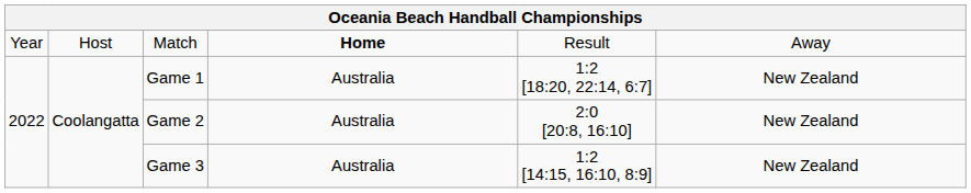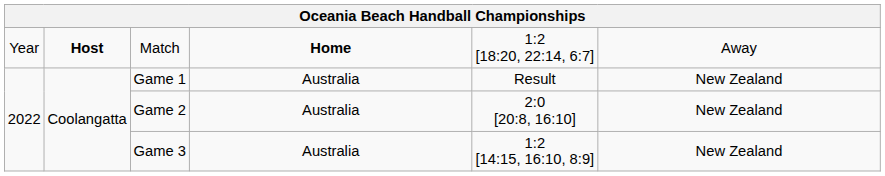 <table class="wikitable" style="text-align: center;">
 <tr>
 <th colspan="6">Oceania Beach Handball Championships</th>
 </tr>
 <tr>
 <td>Year</td>
-<td>Host</td>
+<td><strong>Host</strong></td>
 <td>Match</td>
 <td width="300"><strong>Home</strong></td>
-<td>Result</td>
+<td>1:2<br>[18:20, 22:14, 6:7]</td>
 <td width="300">Away</td>
 </tr>
 <tr>
 <td rowspan="3">2022</td>
 <td rowspan="3"> Coolangatta</td>
 <td>Game 1</td>
 <td> Australia</td>
-<td>1:2<br>[18:20, 22:14, 6:7]</td>
+<td>Result</td>
 <td> New Zealand</td>
 </tr>
 <tr>
 <td>Game 2</td>
 <td> Australia</td>
 <td>2:0<br>[20:8, 16:10]</td>
 <td> New Zealand</td>
 </tr>
 <tr>
 <td>Game 3</td>
 <td> Australia</td>
 <td>1:2<br>[14:15, 16:10, 8:9]</td>
 <td> New Zealand</td>
 </tr>
 </table>
